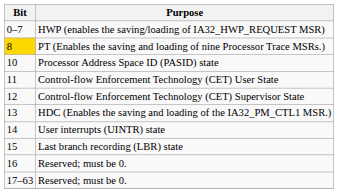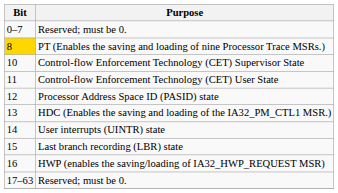 <table class="wikitable" border="1">
 <tr>
 <th>Bit</th>
 <th>Purpose</th>
 </tr>
 <tr>
 <td>0–7</td>
-<td>HWP (enables the saving/loading of IA32_HWP_REQUEST MSR)</td>
+<td>Reserved; must be 0.</td>
 </tr>
 <tr>
 <td style="background: gold;">8</td>
 <td>PT (Enables the saving and loading of nine Processor Trace MSRs.)</td>
 </tr>
 <tr>
 <td>10</td>
-<td>Processor Address Space ID (PASID) state</td>
+<td>Control-flow Enforcement Technology (CET) Supervisor State</td>
 </tr>
 <tr>
 <td>11</td>
 <td>Control-flow Enforcement Technology (CET) User State</td>
 </tr>
 <tr>
 <td>12</td>
-<td>Control-flow Enforcement Technology (CET) Supervisor State</td>
+<td>Processor Address Space ID (PASID) state</td>
 </tr>
 <tr>
 <td>13</td>
 <td>HDC (Enables the saving and loading of the IA32_PM_CTL1 MSR.)</td>
 </tr>
 <tr>
 <td>14</td>
 <td>User interrupts (UINTR) state</td>
 </tr>
 <tr>
 <td>15</td>
 <td>Last branch recording (LBR) state</td>
 </tr>
 <tr>
 <td>16</td>
-<td>Reserved; must be 0.</td>
+<td>HWP (enables the saving/loading of IA32_HWP_REQUEST MSR)</td>
 </tr>
 <tr>
 <td>17–63</td>
 <td>Reserved; must be 0.</td>
 </tr>
 <tr>
 </tr>
 </table>
